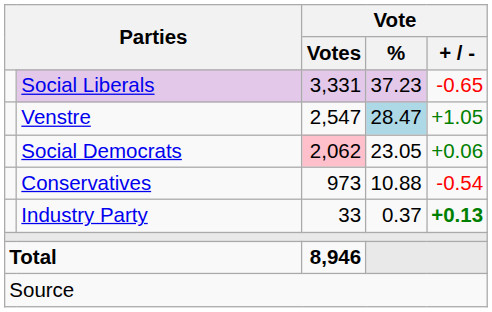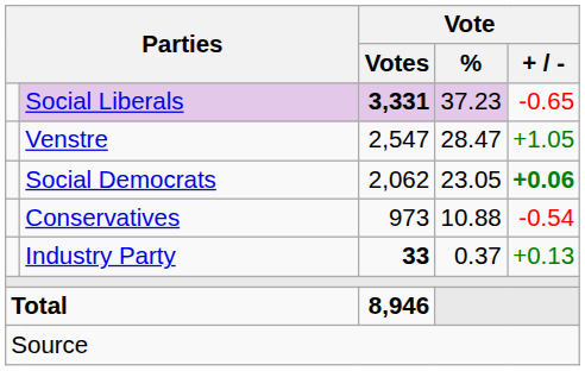 <table class="wikitable" style="text-align:right;">
 <tr>
 <th style="text-align:centre;" rowspan="2" colspan="2" width="225">Parties</th>
 <th colspan="3">Vote</th>
 </tr>
 <tr>
 <th width="15">Votes</th>
 <th width="15">%</th>
 <th width="15">+ / -</th>
 </tr>
 <tr>
 <td width="2" style="color:inherit;background:"></td>
 <td bgcolor=#e3c8e9  align="left"><a href='#'>Social Liberals</a></td>
-<td bgcolor=#e3c8e9>3,331</td>
+<td bgcolor=#e3c8e9><strong>3,331</strong></td>
 <td bgcolor=#e3c8e9>37.23</td>
 <td style=color:red;>-0.65</td>
 </tr>
 <tr>
 <td width="2" style="color:inherit;background:"></td>
 <td align="left"><a href='#'>Venstre</a></td>
 <td>2,547</td>
-<td style="background: lightblue;">28.47</td>
+<td>28.47</td>
 <td style=color:green;>+1.05</td>
 </tr>
 <tr>
 <td width="2" style="color:inherit;background:"></td>
 <td align="left"><a href='#'>Social Democrats</a></td>
-<td style="background: pink;">2,062</td>
+<td>2,062</td>
 <td>23.05</td>
-<td style=color:green;>+0.06</td>
+<td style=color:green;><strong>+0.06</strong></td>
 </tr>
 <tr>
 <td width="2" style="color:inherit;background:"></td>
 <td align="left"><a href='#'>Conservatives</a></td>
 <td>973</td>
 <td>10.88</td>
 <td style=color:red;>-0.54</td>
 </tr>
 <tr>
 <td width="2" style="color:inherit;background:"></td>
 <td align="left"><a href='#'>Industry Party</a></td>
-<td>33</td>
+<td><strong>33</strong></td>
 <td>0.37</td>
-<td style=color:green;><strong>+0.13</strong></td>
+<td style=color:green;>+0.13</td>
 </tr>
 <tr>
 <td colspan="7" bgcolor="#E9E9E9"></td>
 </tr>
 <tr>
 <td align="left" colspan="2"><strong>Total</strong></td>
 <td><strong>8,946</strong></td>
 <td bgcolor="#E9E9E9" colspan="2"></td>
 </tr>
 <tr>
 <td align="left" colspan="6">Source</td>
 </tr>
 </table>
